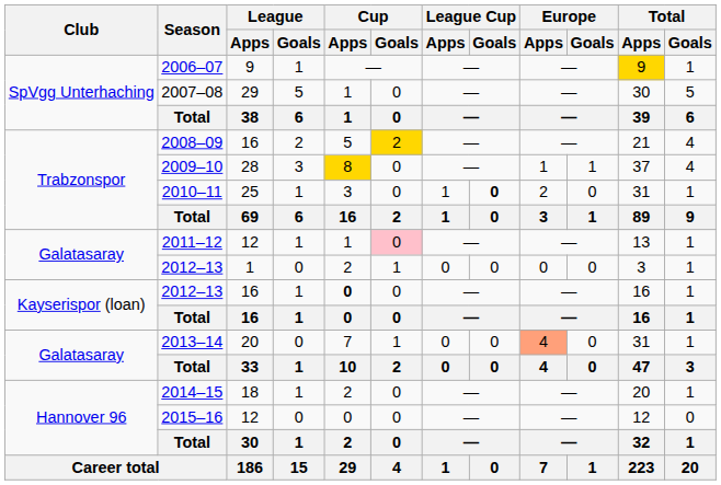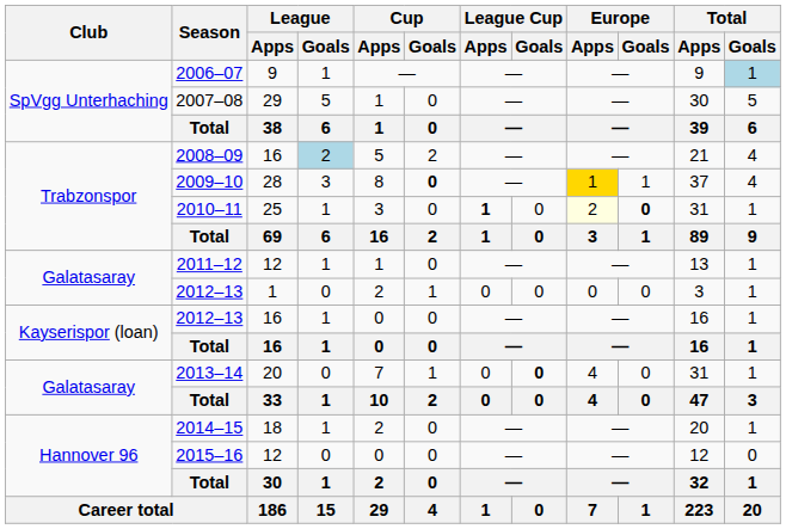 <table class="wikitable" style="text-align: center;">
 <tr>
 <th rowspan="2">Club</th>
 <th rowspan="2">Season</th>
 <th colspan="2">League</th>
 <th colspan="2">Cup</th>
 <th colspan="2">League Cup</th>
 <th colspan="2">Europe</th>
 <th colspan="2">Total</th>
 </tr>
 <tr>
 <th>Apps</th>
 <th>Goals</th>
 <th>Apps</th>
 <th>Goals</th>
 <th>Apps</th>
 <th>Goals</th>
 <th>Apps</th>
 <th>Goals</th>
 <th>Apps</th>
 <th>Goals</th>
 </tr>
 <tr>
 <td rowspan="3"><a href='#'>SpVgg Unterhaching</a></td>
 <td><a href='#'>2006–07</a></td>
 <td>9</td>
 <td>1</td>
 <td colspan="2">—</td>
 <td colspan="2">—</td>
 <td colspan="2">—</td>
-<td style="background: gold;">9</td>
-<td>1</td>
+<td>9</td>
+<td style="background: lightblue;">1</td>
 </tr>
 <tr>
 <td>2007–08</td>
 <td>29</td>
 <td>5</td>
 <td>1</td>
 <td>0</td>
 <td colspan="2">—</td>
 <td colspan="2">—</td>
 <td>30</td>
 <td>5</td>
 </tr>
 <tr>
 <th>Total</th>
 <th>38</th>
 <th>6</th>
 <th>1</th>
 <th>0</th>
 <th colspan="2">—</th>
 <th colspan="2">—</th>
 <th>39</th>
 <th>6</th>
 </tr>
 <tr>
 <td rowspan="4"><a href='#'>Trabzonspor</a></td>
 <td><a href='#'>2008–09</a></td>
 <td>16</td>
+<td style="background: lightblue;">2</td>
+<td>5</td>
 <td>2</td>
-<td>5</td>
-<td style="background: gold;">2</td>
 <td colspan="2">—</td>
 <td colspan="2">—</td>
 <td>21</td>
 <td>4</td>
 </tr>
 <tr>
 <td><a href='#'>2009–10</a></td>
 <td>28</td>
 <td>3</td>
-<td style="background: gold;">8</td>
-<td>0</td>
+<td>8</td>
+<td><strong>0</strong></td>
 <td colspan="2">—</td>
-<td>1</td>
+<td style="background: gold;">1</td>
 <td>1</td>
 <td>37</td>
 <td>4</td>
 </tr>
 <tr>
 <td><a href='#'>2010–11</a></td>
 <td>25</td>
 <td>1</td>
 <td>3</td>
 <td>0</td>
-<td>1</td>
+<td><strong>1</strong></td>
+<td>0</td>
+<td style="background: lightyellow;">2</td>
 <td><strong>0</strong></td>
-<td>2</td>
-<td>0</td>
 <td>31</td>
 <td>1</td>
 </tr>
 <tr>
 <th>Total</th>
 <th>69</th>
 <th>6</th>
 <th>16</th>
 <th>2</th>
 <th>1</th>
 <th>0</th>
 <th>3</th>
 <th>1</th>
 <th>89</th>
 <th>9</th>
 </tr>
 <tr>
 <td rowspan="2"><a href='#'>Galatasaray</a></td>
 <td><a href='#'>2011–12</a></td>
 <td>12</td>
 <td>1</td>
 <td>1</td>
-<td style="background: pink;">0</td>
+<td>0</td>
 <td colspan="2">—</td>
 <td colspan="2">—</td>
 <td>13</td>
 <td>1</td>
 </tr>
 <tr>
 <td><a href='#'>2012–13</a></td>
 <td>1</td>
 <td>0</td>
 <td>2</td>
 <td>1</td>
 <td>0</td>
 <td>0</td>
 <td>0</td>
 <td>0</td>
 <td>3</td>
 <td>1</td>
 </tr>
 <tr>
 <td rowspan="2"><a href='#'>Kayserispor</a> (loan)</td>
 <td><a href='#'>2012–13</a></td>
 <td>16</td>
 <td>1</td>
-<td><strong>0</strong></td>
+<td>0</td>
 <td>0</td>
 <td colspan="2">—</td>
 <td colspan="2">—</td>
 <td>16</td>
 <td>1</td>
 </tr>
 <tr>
 <th>Total</th>
 <th>16</th>
 <th>1</th>
 <th>0</th>
 <th>0</th>
 <th colspan="2">—</th>
 <th colspan="2">—</th>
 <th>16</th>
 <th>1</th>
 </tr>
 <tr>
 <td rowspan="2"><a href='#'>Galatasaray</a></td>
 <td><a href='#'>2013–14</a></td>
 <td>20</td>
 <td>0</td>
 <td>7</td>
 <td>1</td>
 <td>0</td>
-<td>0</td>
-<td style="background: lightsalmon;">4</td>
+<td><strong>0</strong></td>
+<td>4</td>
 <td>0</td>
 <td>31</td>
 <td>1</td>
 </tr>
 <tr>
 <th>Total</th>
 <th>33</th>
 <th>1</th>
 <th>10</th>
 <th>2</th>
 <th>0</th>
 <th>0</th>
 <th>4</th>
 <th>0</th>
 <th>47</th>
 <th>3</th>
 </tr>
 <tr>
 <td rowspan="3"><a href='#'>Hannover 96</a></td>
 <td><a href='#'>2014–15</a></td>
 <td>18</td>
 <td>1</td>
 <td>2</td>
 <td>0</td>
 <td colspan="2">—</td>
 <td colspan="2">—</td>
 <td>20</td>
 <td>1</td>
 </tr>
 <tr>
 <td><a href='#'>2015–16</a></td>
 <td>12</td>
 <td>0</td>
 <td>0</td>
 <td>0</td>
 <td colspan="2">—</td>
 <td colspan="2">—</td>
 <td>12</td>
 <td>0</td>
 </tr>
 <tr>
 <th>Total</th>
 <th>30</th>
 <th>1</th>
 <th>2</th>
 <th>0</th>
 <th colspan="2">—</th>
 <th colspan="2">—</th>
 <th>32</th>
 <th>1</th>
 </tr>
 <tr>
 <th colspan="2">Career total</th>
 <th>186</th>
 <th>15</th>
 <th>29</th>
 <th>4</th>
 <th>1</th>
 <th>0</th>
 <th>7</th>
 <th>1</th>
 <th>223</th>
 <th>20</th>
 </tr>
 </table>
